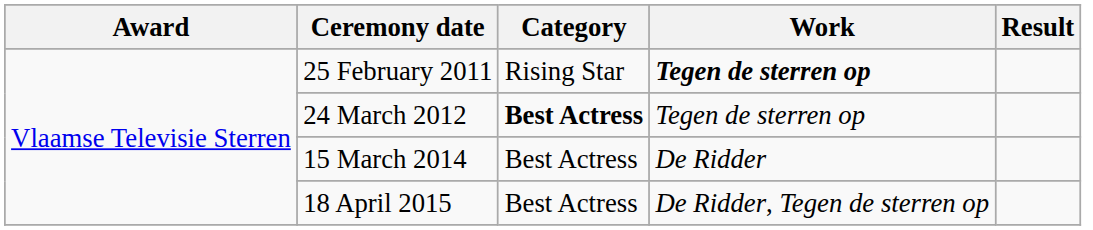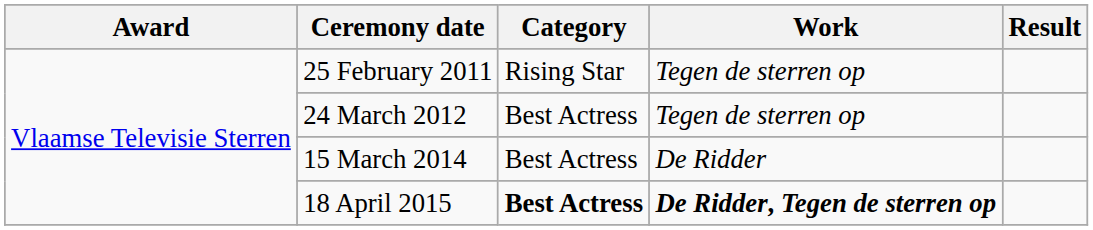 <table class="wikitable sortable" style="font-size: 95%" valign="center";>
 <tr>
 <th scope="col">Award</th>
 <th scope="col" class="unsortable">Ceremony date</th>
 <th scope="col">Category</th>
 <th scope="col">Work</th>
 <th scope="col">Result</th>
 </tr>
 <tr>
 <td rowspan=4><a href='#'>Vlaamse Televisie Sterren</a></td>
 <td>25 February 2011</td>
 <td>Rising Star</td>
-<td><strong><em>Tegen de sterren op</em></strong></td>
+<td><em>Tegen de sterren op</em></td>
 <td></td>
 </tr>
 <tr>
 <td>24 March 2012</td>
-<td><strong>Best Actress</strong></td>
+<td>Best Actress</td>
 <td><em>Tegen de sterren op</em></td>
 <td></td>
 </tr>
 <tr>
 <td>15 March 2014</td>
 <td>Best Actress</td>
 <td><em>De Ridder</em></td>
 <td></td>
 </tr>
 <tr>
 <td>18 April 2015</td>
-<td>Best Actress</td>
-<td><em>De Ridder</em>, <em>Tegen de sterren op</em></td>
+<td><strong>Best Actress</strong></td>
+<td><strong><em>De Ridder</em>, <em>Tegen de sterren op</em></strong></td>
 <td></td>
 </tr>
 </table>
